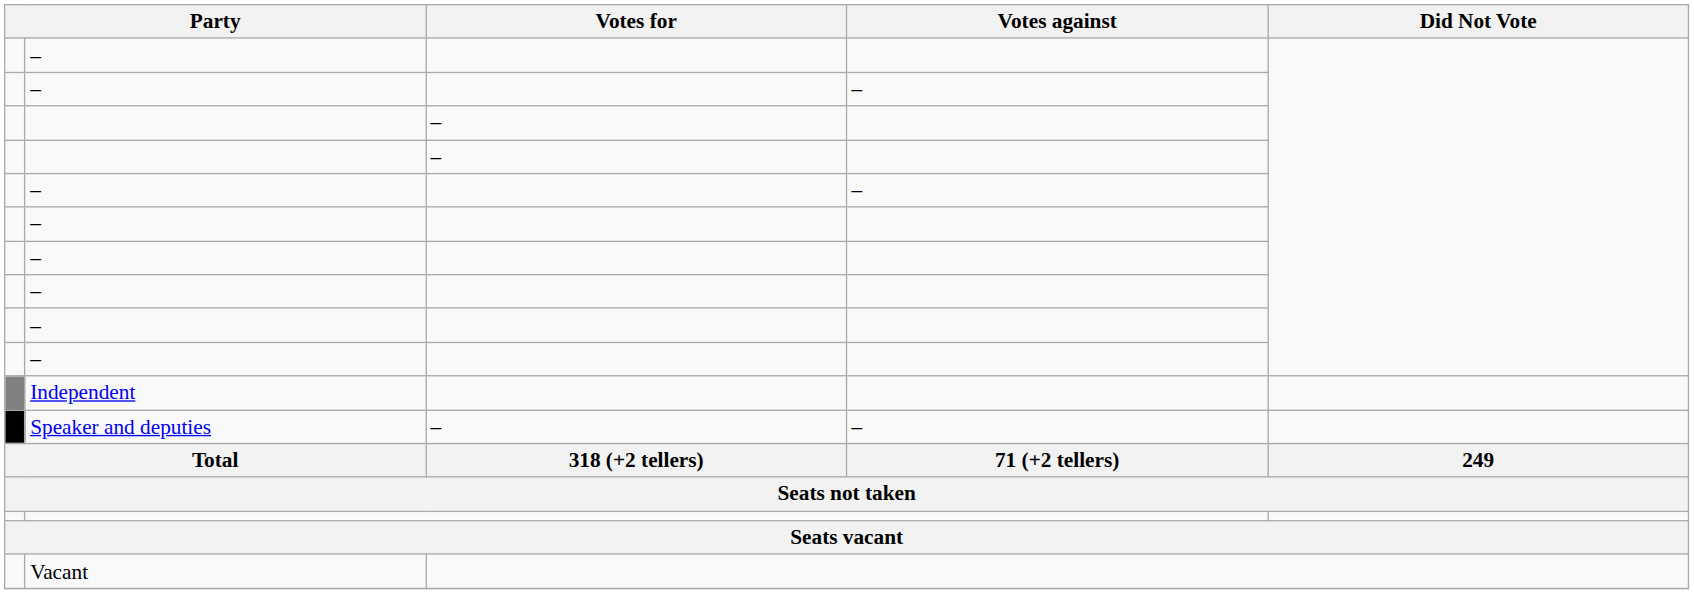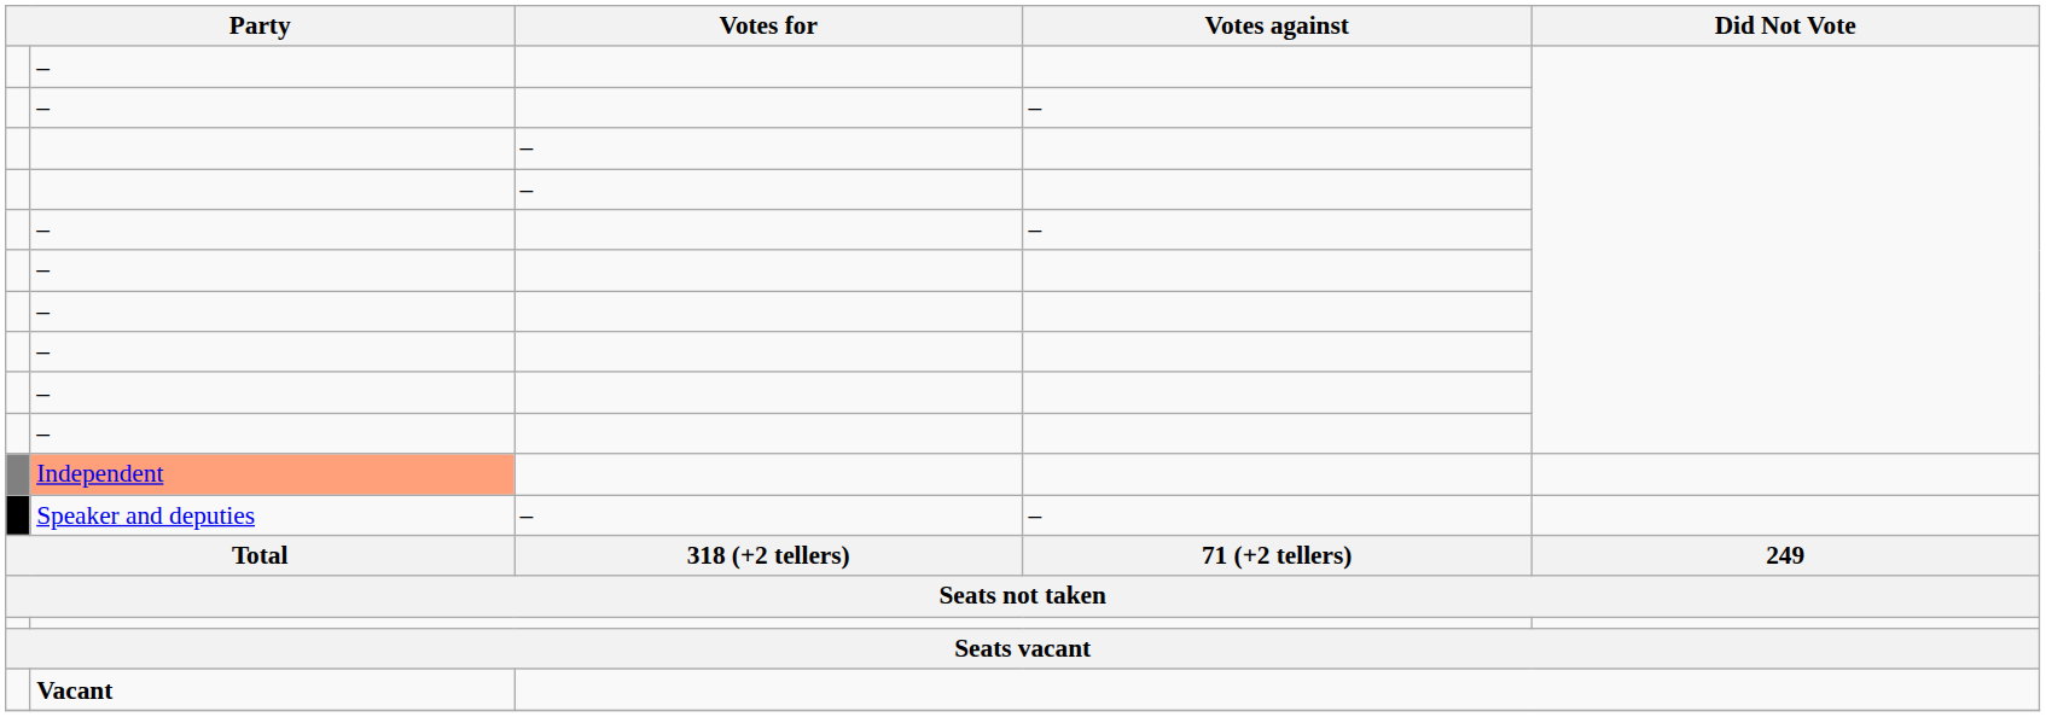 <table class="wikitable" style="width:80%">
 <tr>
 <th style="width:20%;" colspan="2">Party</th>
 <th style="width:20%;">Votes for</th>
 <th style="width:20%;">Votes against</th>
 <th style="width:20%;">Did Not Vote</th>
 </tr>
 <tr>
 <td></td>
 <td>–</td>
 <td></td>
 <td></td>
 </tr>
 <tr>
 <td></td>
 <td>–</td>
 <td></td>
 <td>–</td>
 </tr>
 <tr>
 <td></td>
 <td></td>
 <td>–</td>
 <td></td>
 </tr>
 <tr>
 <td></td>
 <td></td>
 <td>–</td>
 <td></td>
 </tr>
 <tr>
 <td></td>
 <td>–</td>
 <td></td>
 <td>–</td>
 </tr>
 <tr>
 <td></td>
 <td>–</td>
 <td></td>
 <td></td>
 </tr>
 <tr>
 <td></td>
 <td>–</td>
 <td></td>
 <td></td>
 </tr>
 <tr>
 <td></td>
 <td>–</td>
 <td></td>
 <td></td>
 </tr>
 <tr>
 <td></td>
 <td>–</td>
 <td></td>
 <td></td>
 </tr>
 <tr>
 <td></td>
 <td>–</td>
 <td></td>
 <td></td>
 </tr>
 <tr>
 <td style="background:gray;"></td>
-<td align=left><a href='#'>Independent</a></td>
+<td align=left style="background: lightsalmon;"><a href='#'>Independent</a></td>
 <td></td>
 <td></td>
 <td></td>
 </tr>
 <tr>
 <td style="background:black;"></td>
 <td align=left><a href='#'>Speaker and deputies</a></td>
 <td>–</td>
 <td>–</td>
 <td></td>
 </tr>
 <tr>
 <th colspan=2>Total</th>
 <th>318 (+2 tellers)</th>
 <th>71 (+2 tellers)</th>
 <th>249</th>
 </tr>
 <tr>
 <th colspan=5>Seats not taken</th>
 </tr>
 <tr>
 <td></td>
 <td colspan=3></td>
 </tr>
 <tr>
 <th colspan=5>Seats vacant</th>
 </tr>
 <tr>
 <td style=""></td>
-<td align=left>Vacant</td>
+<td align=left><strong>Vacant</strong></td>
 <td colspan=3></td>
 </tr>
 <tr>
 </tr>
 </table>
